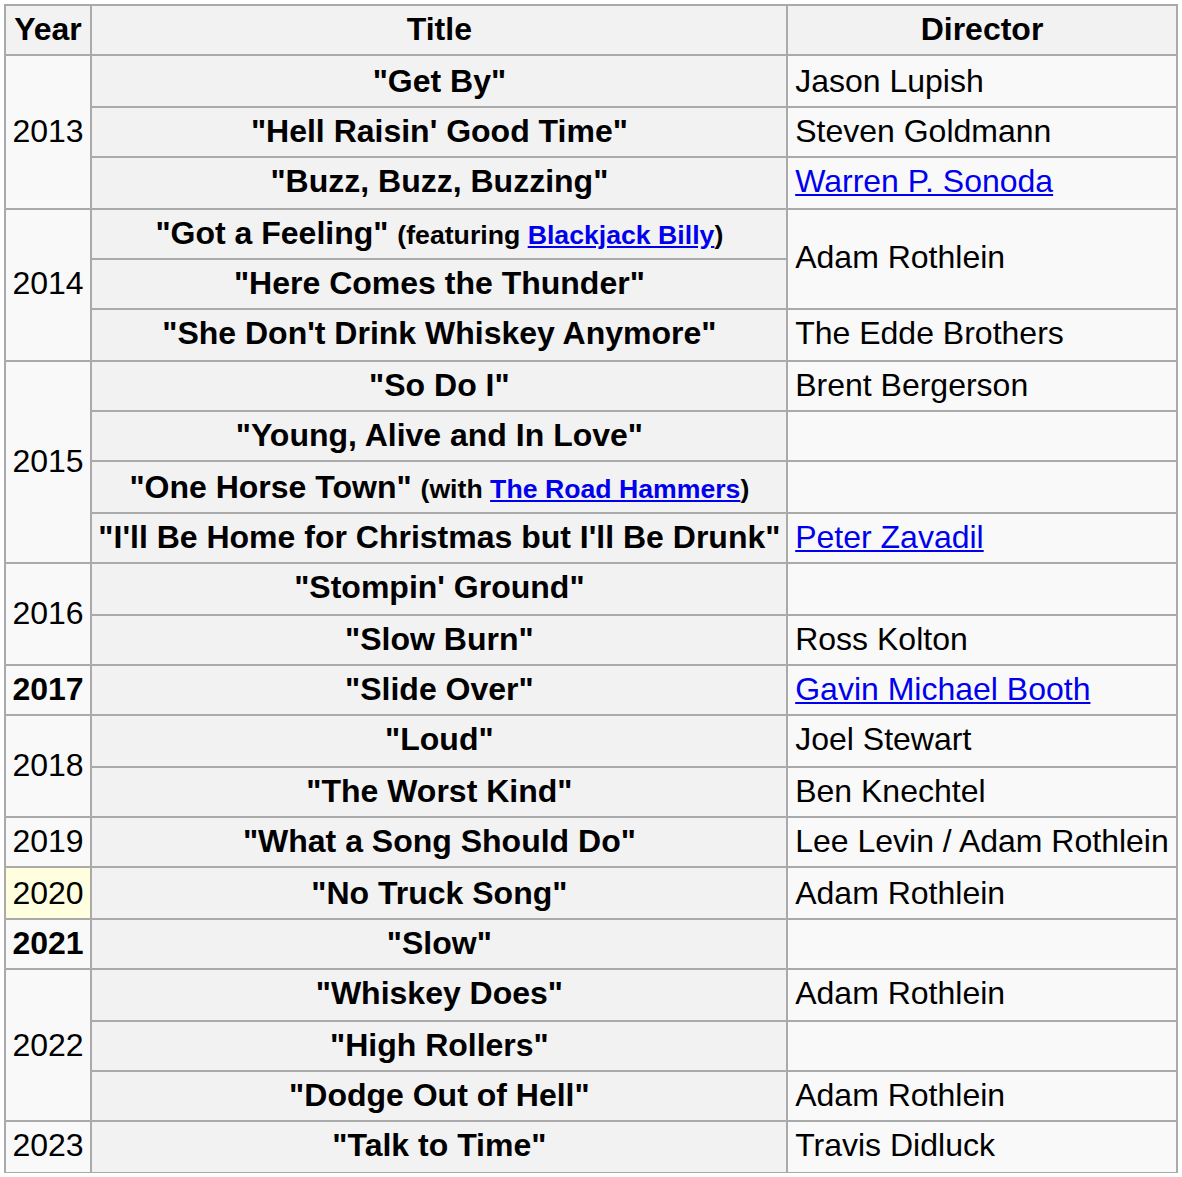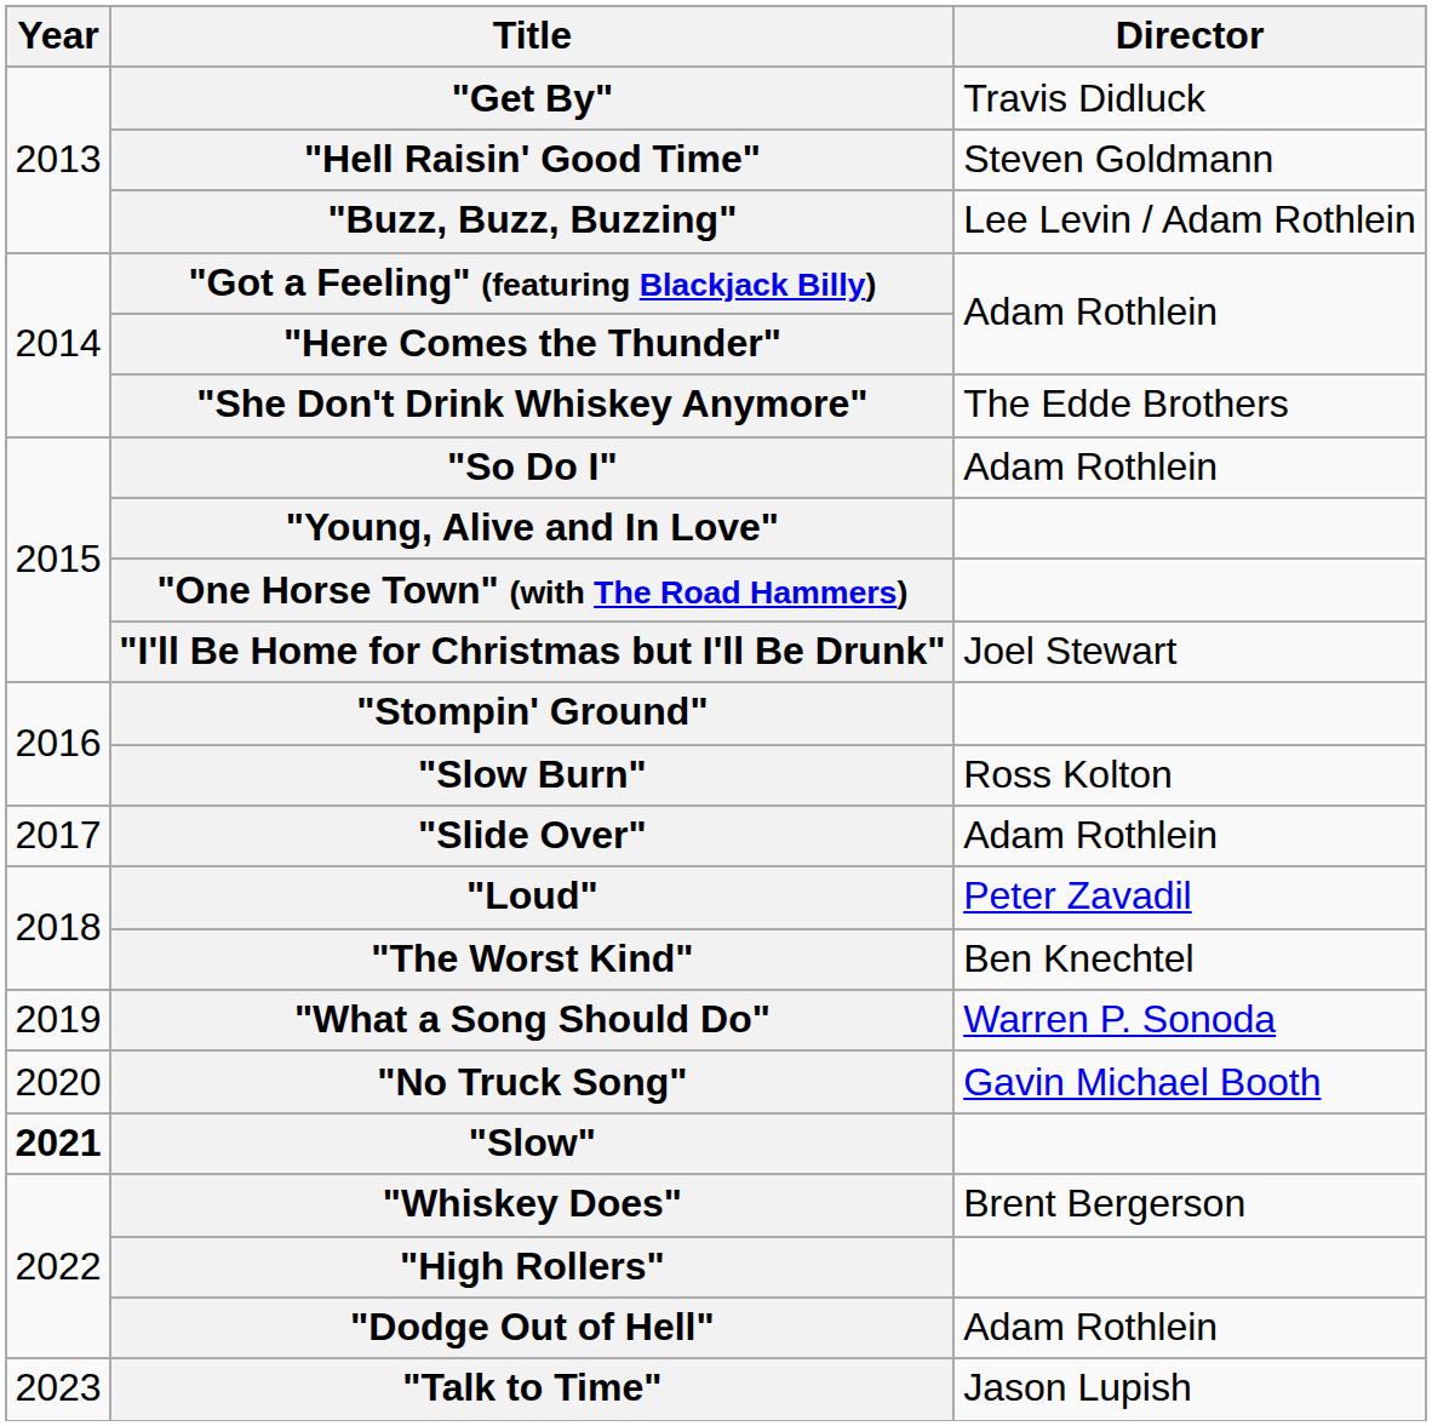 <table class="wikitable plainrowheaders">
 <tr>
 <th scope="col">Year</th>
 <th scope="col">Title</th>
 <th scope="col">Director</th>
 </tr>
 <tr>
 <td rowspan="3">2013</td>
 <th scope="row">"Get By"</th>
-<td>Jason Lupish</td>
+<td>Travis Didluck</td>
 </tr>
 <tr>
 <th scope="row">"Hell Raisin' Good Time"</th>
 <td>Steven Goldmann</td>
 </tr>
 <tr>
 <th scope="row">"Buzz, Buzz, Buzzing"</th>
-<td><a href='#'>Warren P. Sonoda</a></td>
+<td>Lee Levin / Adam Rothlein</td>
 </tr>
 <tr>
 <td rowspan="3">2014</td>
 <th scope="row">"Got a Feeling" <small>(featuring <a href='#'>Blackjack Billy</a>)</small></th>
 <td rowspan="2">Adam Rothlein</td>
 </tr>
 <tr>
 <th scope="row">"Here Comes the Thunder"</th>
 </tr>
 <tr>
 <th scope="row">"She Don't Drink Whiskey Anymore"</th>
 <td>The Edde Brothers</td>
 </tr>
 <tr>
 <td rowspan="4">2015</td>
 <th scope="row">"So Do I"</th>
-<td>Brent Bergerson</td>
+<td>Adam Rothlein</td>
 </tr>
 <tr>
 <th scope="row">"Young, Alive and In Love"</th>
 <td></td>
 </tr>
 <tr>
 <th scope="row">"One Horse Town" <small>(with <a href='#'>The Road Hammers</a>)</small></th>
 <td></td>
 </tr>
 <tr>
 <th scope="row">"I'll Be Home for Christmas but I'll Be Drunk"</th>
-<td><a href='#'>Peter Zavadil</a></td>
+<td>Joel Stewart</td>
 </tr>
 <tr>
 <td rowspan="2">2016</td>
 <th scope="row">"Stompin' Ground"</th>
 <td></td>
 </tr>
 <tr>
 <th scope="row">"Slow Burn"</th>
 <td>Ross Kolton</td>
 </tr>
 <tr>
-<td><strong>2017</strong></td>
+<td>2017</td>
 <th scope="row">"Slide Over"</th>
-<td><a href='#'>Gavin Michael Booth</a></td>
+<td>Adam Rothlein</td>
 </tr>
 <tr>
 <td rowspan="2">2018</td>
 <th scope="row">"Loud"</th>
-<td>Joel Stewart</td>
+<td><a href='#'>Peter Zavadil</a></td>
 </tr>
 <tr>
 <th scope="row">"The Worst Kind"</th>
 <td>Ben Knechtel</td>
 </tr>
 <tr>
 <td>2019</td>
 <th scope="row">"What a Song Should Do"</th>
-<td>Lee Levin / Adam Rothlein</td>
+<td><a href='#'>Warren P. Sonoda</a></td>
 </tr>
 <tr>
-<td style="background: lightyellow;">2020</td>
+<td>2020</td>
 <th scope="row">"No Truck Song"</th>
-<td>Adam Rothlein</td>
+<td><a href='#'>Gavin Michael Booth</a></td>
 </tr>
 <tr>
 <td><strong>2021</strong></td>
 <th scope="row">"Slow"</th>
 <td></td>
 </tr>
 <tr>
 <td rowspan="3">2022</td>
 <th scope="row">"Whiskey Does"</th>
-<td>Adam Rothlein</td>
+<td>Brent Bergerson</td>
 </tr>
 <tr>
 <th scope="row">"High Rollers"</th>
 <td></td>
 </tr>
 <tr>
 <th scope="row">"Dodge Out of Hell"</th>
 <td>Adam Rothlein</td>
 </tr>
 <tr>
 <td>2023</td>
 <th scope="row">"Talk to Time"</th>
-<td>Travis Didluck</td>
+<td>Jason Lupish</td>
 </tr>
 </table>
